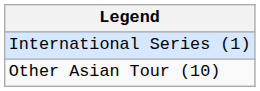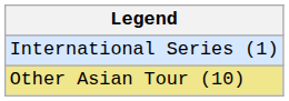 <table class="wikitable" style="font-size:95%;">
 <tr>
 <th>Legend</th>
 </tr>
 <tr style="background:#D6E8FF;">
 <td>International Series (1)</td>
 </tr>
 <tr>
-<td>Other Asian Tour (10)</td>
+<td style="background: khaki;">Other Asian Tour (10)</td>
 </tr>
 </table>
